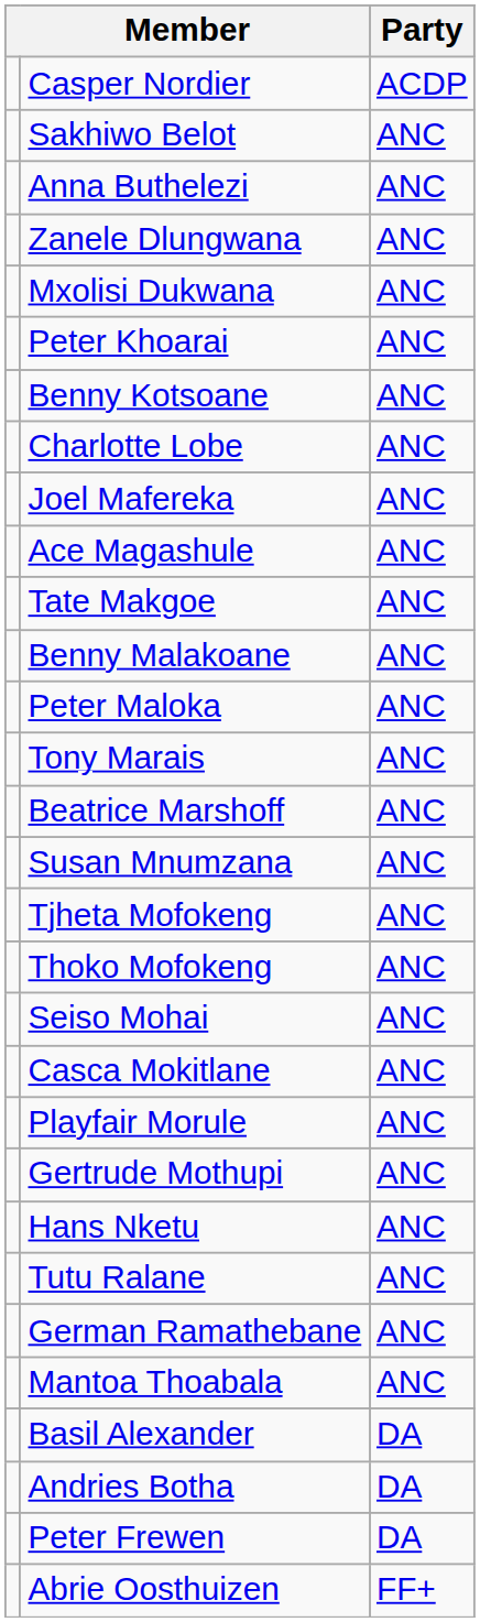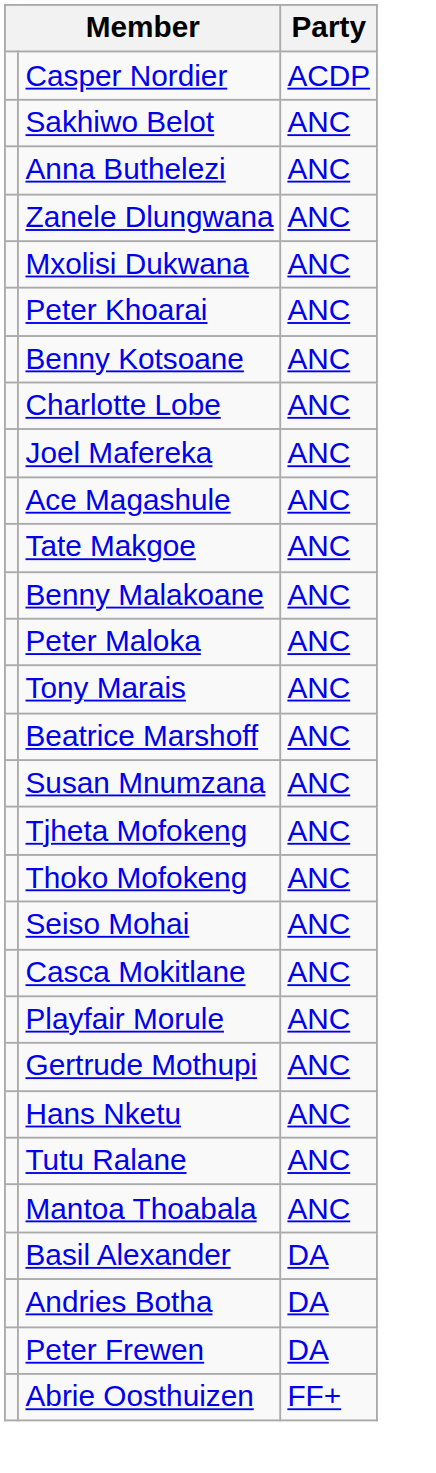 <table class="wikitable sortable">
 <tr>
 <th colspan="2">Member</th>
 <th>Party</th>
 </tr>
 <tr>
 <td style="background-color: "></td>
 <td><a href='#'>Casper Nordier</a></td>
 <td><a href='#'>ACDP</a></td>
 </tr>
 <tr>
 <td style="background-color: "></td>
 <td><a href='#'>Sakhiwo Belot</a></td>
 <td><a href='#'>ANC</a></td>
 </tr>
 <tr>
 <td style="background-color: "></td>
 <td><a href='#'>Anna Buthelezi</a></td>
 <td><a href='#'>ANC</a></td>
 </tr>
 <tr>
 <td style="background-color: "></td>
 <td><a href='#'>Zanele Dlungwana</a></td>
 <td><a href='#'>ANC</a></td>
 </tr>
 <tr>
 <td style="background-color: "></td>
 <td><a href='#'>Mxolisi Dukwana</a></td>
 <td><a href='#'>ANC</a></td>
 </tr>
 <tr>
 <td style="background-color: "></td>
 <td><a href='#'>Peter Khoarai</a></td>
 <td><a href='#'>ANC</a></td>
 </tr>
 <tr>
 <td style="background-color: "></td>
 <td><a href='#'>Benny Kotsoane</a></td>
 <td><a href='#'>ANC</a></td>
 </tr>
 <tr>
 <td style="background-color: "></td>
 <td><a href='#'>Charlotte Lobe</a></td>
 <td><a href='#'>ANC</a></td>
 </tr>
 <tr>
 <td style="background-color: "></td>
 <td><a href='#'>Joel Mafereka</a></td>
 <td><a href='#'>ANC</a></td>
 </tr>
 <tr>
 <td style="background-color: "></td>
 <td><a href='#'>Ace Magashule</a></td>
 <td><a href='#'>ANC</a></td>
 </tr>
 <tr>
 <td style="background-color: "></td>
 <td><a href='#'>Tate Makgoe</a></td>
 <td><a href='#'>ANC</a></td>
 </tr>
 <tr>
 <td style="background-color: "></td>
 <td><a href='#'>Benny Malakoane</a></td>
 <td><a href='#'>ANC</a></td>
 </tr>
 <tr>
 <td style="background-color: "></td>
 <td><a href='#'>Peter Maloka</a></td>
 <td><a href='#'>ANC</a></td>
 </tr>
 <tr>
 <td style="background-color: "></td>
 <td><a href='#'>Tony Marais</a></td>
 <td><a href='#'>ANC</a></td>
 </tr>
 <tr>
 <td style="background-color: "></td>
 <td><a href='#'>Beatrice Marshoff</a></td>
 <td><a href='#'>ANC</a></td>
 </tr>
 <tr>
 <td style="background-color: "></td>
 <td><a href='#'>Susan Mnumzana</a></td>
 <td><a href='#'>ANC</a></td>
 </tr>
 <tr>
 <td style="background-color: "></td>
 <td><a href='#'>Tjheta Mofokeng</a></td>
 <td><a href='#'>ANC</a></td>
 </tr>
 <tr>
 <td style="background-color: "></td>
 <td><a href='#'>Thoko Mofokeng</a></td>
 <td><a href='#'>ANC</a></td>
 </tr>
 <tr>
 <td style="background-color: "></td>
 <td><a href='#'>Seiso Mohai</a></td>
 <td><a href='#'>ANC</a></td>
 </tr>
 <tr>
 <td style="background-color: "></td>
 <td><a href='#'>Casca Mokitlane</a></td>
 <td><a href='#'>ANC</a></td>
 </tr>
 <tr>
 <td style="background-color: "></td>
 <td><a href='#'>Playfair Morule</a></td>
 <td><a href='#'>ANC</a></td>
 </tr>
 <tr>
 <td style="background-color: "></td>
 <td><a href='#'>Gertrude Mothupi</a></td>
 <td><a href='#'>ANC</a></td>
 </tr>
 <tr>
 <td style="background-color: "></td>
 <td><a href='#'>Hans Nketu</a></td>
 <td><a href='#'>ANC</a></td>
 </tr>
 <tr>
 <td style="background-color: "></td>
 <td><a href='#'>Tutu Ralane</a></td>
 <td><a href='#'>ANC</a></td>
 </tr>
 <tr>
 <td style="background-color: "></td>
-<td><a href='#'>German Ramathebane</a></td>
-<td><a href='#'>ANC</a></td>
-</tr>
-<tr>
-<td style="background-color: "></td>
 <td><a href='#'>Mantoa Thoabala</a></td>
 <td><a href='#'>ANC</a></td>
 </tr>
 <tr>
 <td style="background-color: "></td>
 <td><a href='#'>Basil Alexander</a></td>
 <td><a href='#'>DA</a></td>
 </tr>
 <tr>
 <td style="background-color: "></td>
 <td><a href='#'>Andries Botha</a></td>
 <td><a href='#'>DA</a></td>
 </tr>
 <tr>
 <td style="background-color: "></td>
 <td><a href='#'>Peter Frewen</a></td>
 <td><a href='#'>DA</a></td>
 </tr>
 <tr>
 <td style="background-color: "></td>
 <td><a href='#'>Abrie Oosthuizen</a></td>
 <td><a href='#'>FF+</a></td>
 </tr>
 </table>
